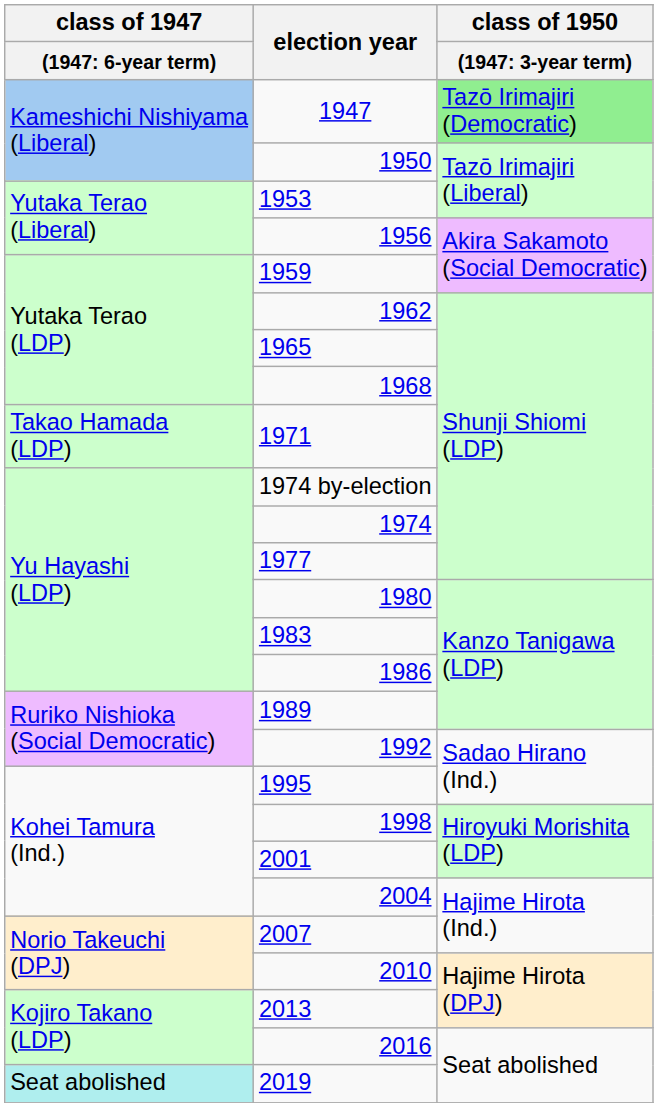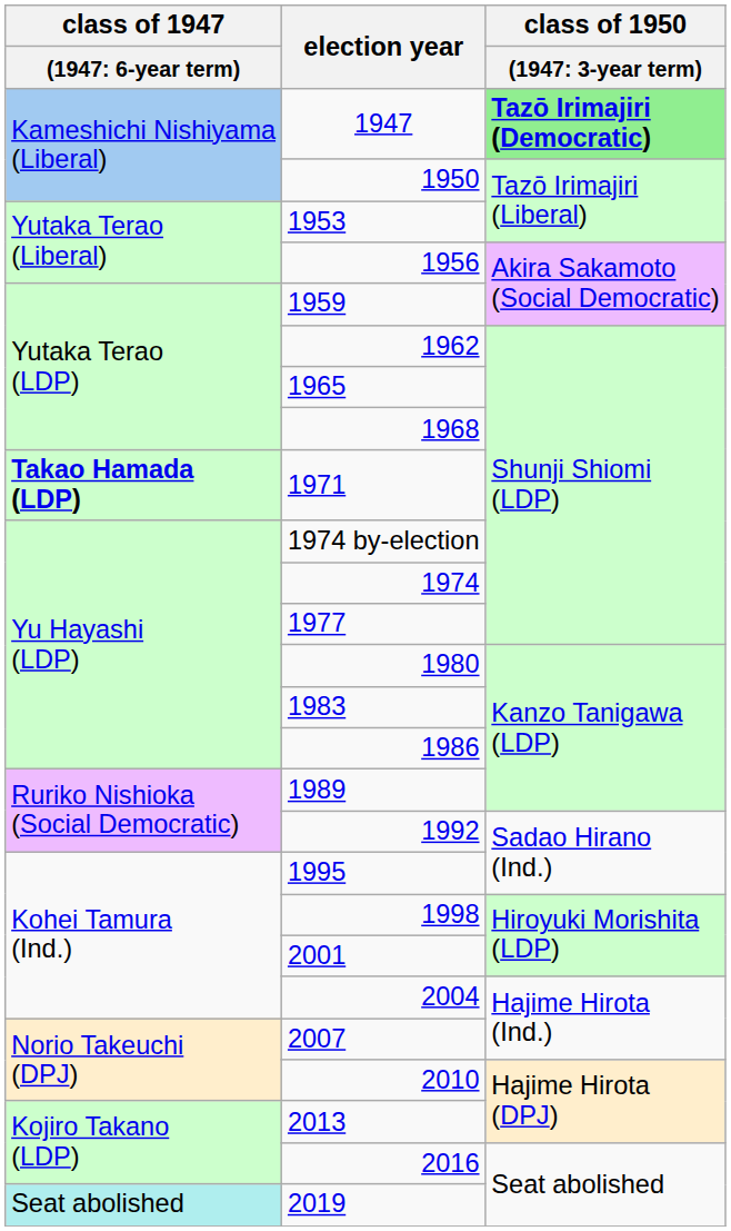 <table class="wikitable" border="1">
 <tr>
 <th>class of 1947</th>
 <th rowspan="2">election year</th>
 <th>class of 1950</th>
 </tr>
 <tr>
 <th><small>(1947: 6-year term)</small></th>
 <th><small>(1947: 3-year term)</small></th>
 </tr>
 <tr>
 <td rowspan="2" bgcolor="#A1CAF1"><a href='#'>Kameshichi Nishiyama</a><br>(<a href='#'>Liberal</a>)</td>
 <td align="center"><a href='#'>1947</a></td>
-<td bgcolor="#90EE90"><a href='#'>Tazō Irimajiri</a><br>(<a href='#'>Democratic</a>)</td>
+<td bgcolor="#90EE90"><strong><a href='#'>Tazō Irimajiri</a><br>(<a href='#'>Democratic</a>)</strong></td>
 </tr>
 <tr>
 <td align="right"><a href='#'>1950</a></td>
 <td rowspan="2" bgcolor="#CCFFCC"><a href='#'>Tazō Irimajiri</a><br>(<a href='#'>Liberal</a>)</td>
 </tr>
 <tr>
 <td rowspan="2" bgcolor="#CCFFCC"><a href='#'>Yutaka Terao</a><br>(<a href='#'>Liberal</a>)</td>
 <td align="left"><a href='#'>1953</a></td>
 </tr>
 <tr>
 <td align="right"><a href='#'>1956</a></td>
 <td rowspan="2" bgcolor="#EEBBFF"><a href='#'>Akira Sakamoto</a><br>(<a href='#'>Social Democratic</a>)</td>
 </tr>
 <tr>
 <td rowspan="4" bgcolor="#CCFFCC">Yutaka Terao<br>(<a href='#'>LDP</a>)</td>
 <td align="left"><a href='#'>1959</a></td>
 </tr>
 <tr>
 <td align="right"><a href='#'>1962</a></td>
 <td rowspan="7" bgcolor="#CCFFCC"><a href='#'>Shunji Shiomi</a><br>(<a href='#'>LDP</a>)</td>
 </tr>
 <tr>
 <td align="left"><a href='#'>1965</a></td>
 </tr>
 <tr>
 <td align="right"><a href='#'>1968</a></td>
 </tr>
 <tr>
-<td bgcolor="#CCFFCC"><a href='#'>Takao Hamada</a><br>(<a href='#'>LDP</a>)</td>
+<td bgcolor="#CCFFCC"><strong><a href='#'>Takao Hamada</a><br>(<a href='#'>LDP</a>)</strong></td>
 <td align="left"><a href='#'>1971</a></td>
 </tr>
 <tr>
 <td rowspan="6" bgcolor="#CCFFCC"><a href='#'>Yu Hayashi</a><br>(<a href='#'>LDP</a>)</td>
 <td align="left">1974 by-election</td>
 </tr>
 <tr>
 <td align="right"><a href='#'>1974</a></td>
 </tr>
 <tr>
 <td align="left"><a href='#'>1977</a></td>
 </tr>
 <tr>
 <td align="right"><a href='#'>1980</a></td>
 <td rowspan="4" bgcolor="#CCFFCC"><a href='#'>Kanzo Tanigawa</a><br>(<a href='#'>LDP</a>)</td>
 </tr>
 <tr>
 <td align="left"><a href='#'>1983</a></td>
 </tr>
 <tr>
 <td align="right"><a href='#'>1986</a></td>
 </tr>
 <tr>
 <td rowspan="2" bgcolor="#EEBBFF"><a href='#'>Ruriko Nishioka</a><br>(<a href='#'>Social Democratic</a>)</td>
 <td align="left"><a href='#'>1989</a></td>
 </tr>
 <tr>
 <td align="right"><a href='#'>1992</a></td>
 <td rowspan="2"><a href='#'>Sadao Hirano</a><br>(Ind.)</td>
 </tr>
 <tr>
 <td rowspan="4"><a href='#'>Kohei Tamura</a><br>(Ind.)</td>
 <td align="left"><a href='#'>1995</a></td>
 </tr>
 <tr>
 <td align="right"><a href='#'>1998</a></td>
 <td rowspan="2" bgcolor="#CCFFCC"><a href='#'>Hiroyuki Morishita</a><br>(<a href='#'>LDP</a>)</td>
 </tr>
 <tr>
 <td align="left"><a href='#'>2001</a></td>
 </tr>
 <tr>
 <td align="right"><a href='#'>2004</a></td>
 <td rowspan="2"><a href='#'>Hajime Hirota</a><br>(Ind.)</td>
 </tr>
 <tr>
 <td rowspan="2" bgcolor="#FFEECC"><a href='#'>Norio Takeuchi</a><br>(<a href='#'>DPJ</a>)</td>
 <td align="left"><a href='#'>2007</a></td>
 </tr>
 <tr>
 <td align="right"><a href='#'>2010</a></td>
 <td rowspan="2" bgcolor="#FFEECC">Hajime Hirota<br>(<a href='#'>DPJ</a>)</td>
 </tr>
 <tr>
 <td rowspan="2" bgcolor="#CCFFCC"><a href='#'>Kojiro Takano</a><br>(<a href='#'>LDP</a>)</td>
 <td align="left"><a href='#'>2013</a></td>
 </tr>
 <tr>
 <td align="right"><a href='#'>2016</a></td>
 <td rowspan="2">Seat abolished</td>
 </tr>
 <tr>
 <td style="background: paleturquoise;">Seat abolished</td>
 <td align="left"><a href='#'>2019</a></td>
 </tr>
 </table>
